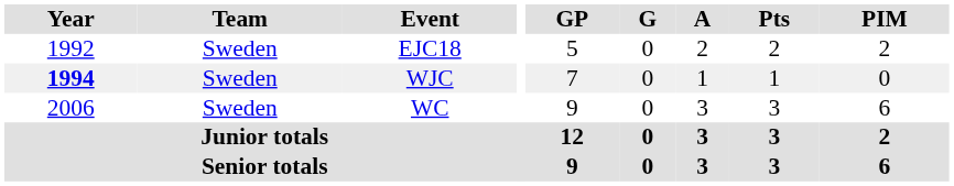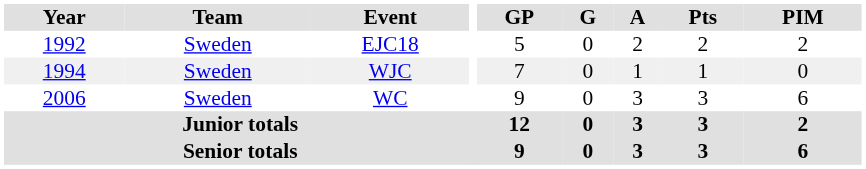 <table border="0" cellpadding="1" cellspacing="0" ID="Table3" style="text-align:center; width:40em">
 <tr bgcolor="#e0e0e0">
 <th>Year</th>
 <th>Team</th>
 <th>Event</th>
 <th rowspan="102" bgcolor="#ffffff"></th>
 <th>GP</th>
 <th>G</th>
 <th>A</th>
 <th>Pts</th>
 <th>PIM</th>
 </tr>
 <tr>
 <td><a href='#'>1992</a></td>
 <td><a href='#'>Sweden</a></td>
 <td><a href='#'>EJC18</a></td>
 <td>5</td>
 <td>0</td>
 <td>2</td>
 <td>2</td>
 <td>2</td>
 </tr>
 <tr bgcolor="#f0f0f0">
-<td><strong><a href='#'>1994</a></strong></td>
+<td><a href='#'>1994</a></td>
 <td><a href='#'>Sweden</a></td>
 <td><a href='#'>WJC</a></td>
 <td>7</td>
 <td>0</td>
 <td>1</td>
 <td>1</td>
 <td>0</td>
 </tr>
 <tr>
 <td><a href='#'>2006</a></td>
 <td><a href='#'>Sweden</a></td>
 <td><a href='#'>WC</a></td>
 <td>9</td>
 <td>0</td>
 <td>3</td>
 <td>3</td>
 <td>6</td>
 </tr>
 <tr bgcolor="#e0e0e0">
 <th colspan="4">Junior totals</th>
 <th>12</th>
 <th>0</th>
 <th>3</th>
 <th>3</th>
 <th>2</th>
 </tr>
 <tr bgcolor="#e0e0e0">
 <th colspan="4">Senior totals</th>
 <th>9</th>
 <th>0</th>
 <th>3</th>
 <th>3</th>
 <th>6</th>
 </tr>
 </table>
